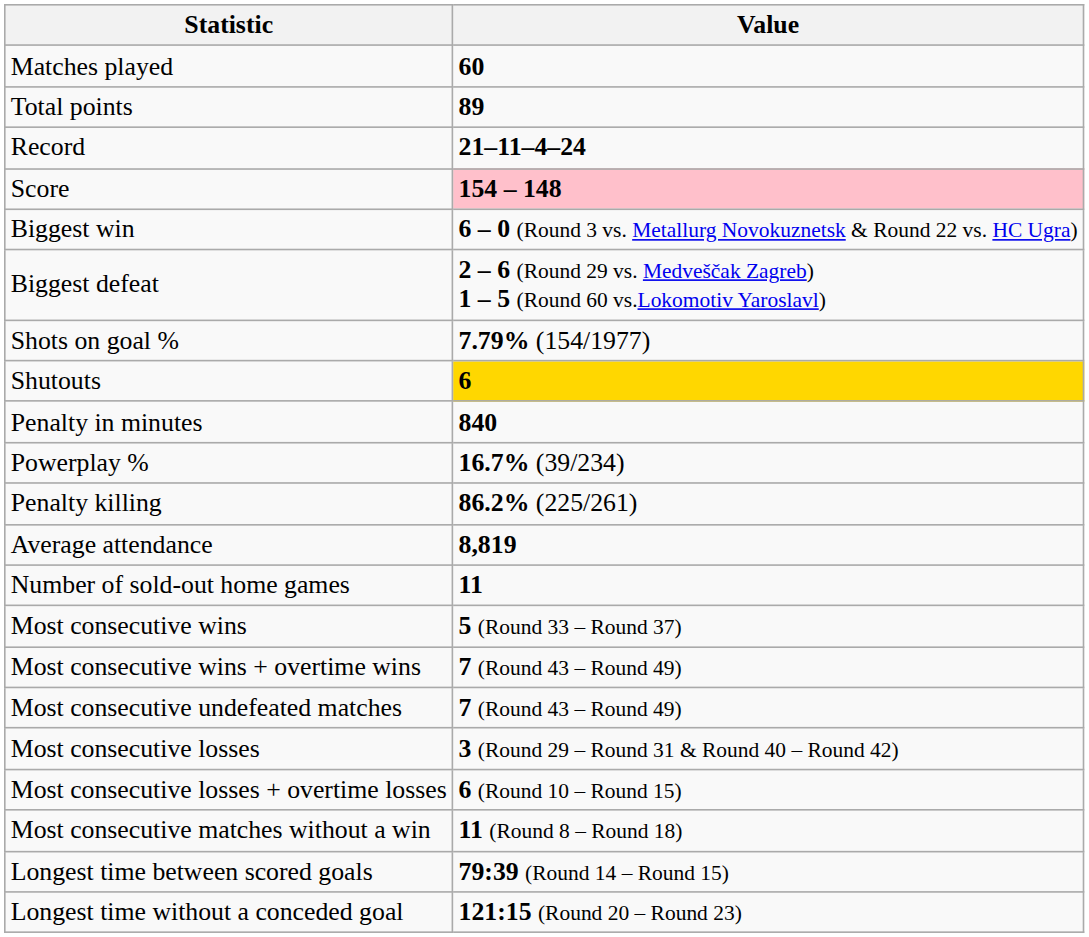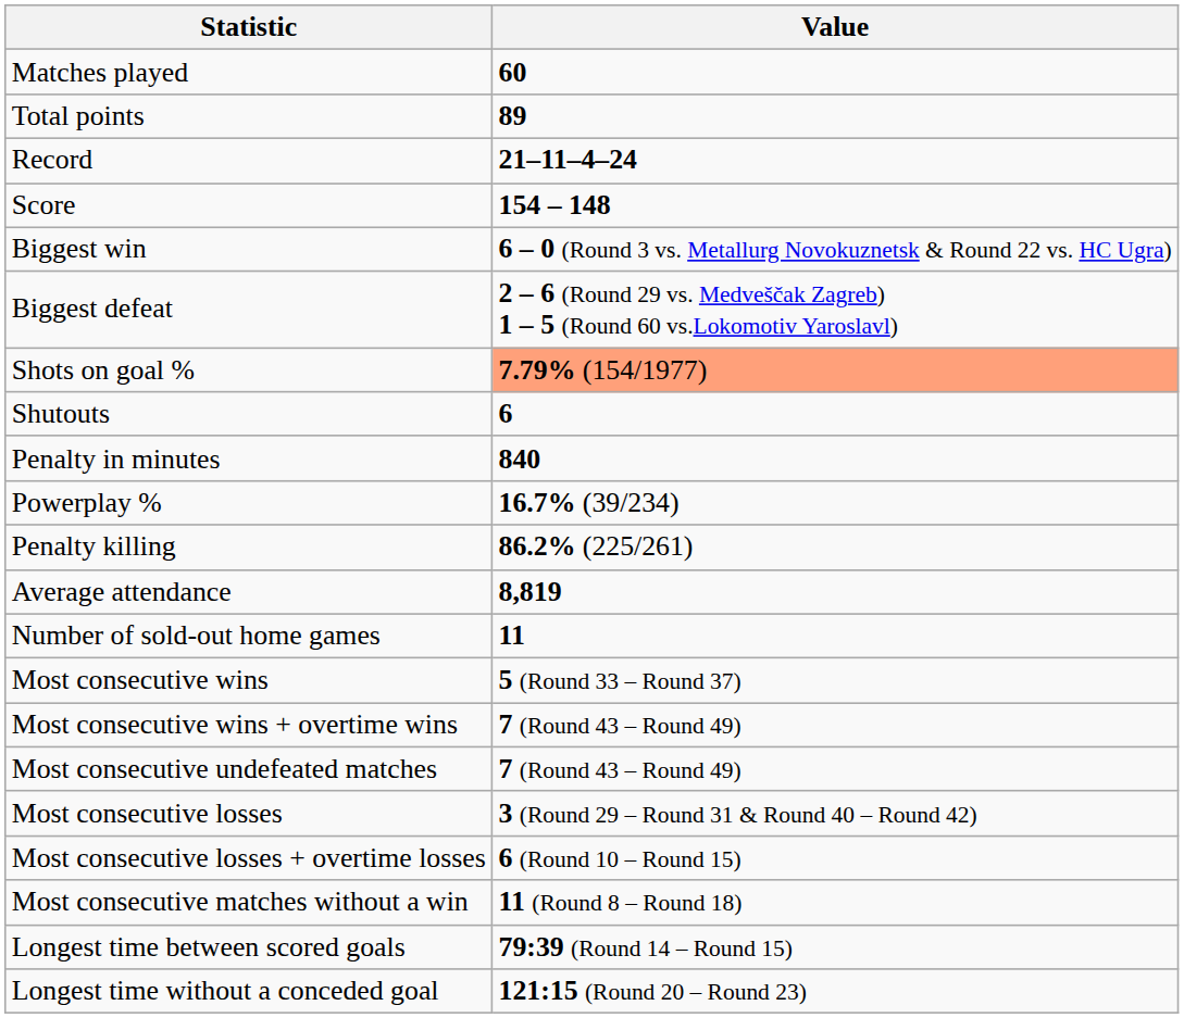 <table class="wikitable">
 <tr>
 <th>Statistic</th>
 <th>Value</th>
 </tr>
 <tr>
 <td>Matches played</td>
 <td><strong>60</strong></td>
 </tr>
 <tr>
 <td>Total points</td>
 <td><strong>89</strong></td>
 </tr>
 <tr>
 <td>Record</td>
 <td><strong>21–11–4–24</strong></td>
 </tr>
 <tr>
 <td>Score</td>
-<td style="background: pink;"><strong>154 – 148</strong></td>
+<td><strong>154 – 148</strong></td>
 </tr>
 <tr>
 <td>Biggest win</td>
 <td><strong>6 – 0</strong> <small>(Round 3 vs. <a href='#'>Metallurg Novokuznetsk</a> & Round 22 vs. <a href='#'>HC Ugra</a>)</small></td>
 </tr>
 <tr>
 <td>Biggest defeat</td>
 <td><strong>2 – 6</strong> <small>(Round 29 vs. <a href='#'>Medveščak Zagreb</a>)</small> <br>  <strong>1 – 5</strong> <small>(Round 60 vs.<a href='#'>Lokomotiv Yaroslavl</a>)</small></td>
 </tr>
 <tr>
 <td>Shots on goal %</td>
-<td><strong>7.79%</strong> (154/1977)</td>
+<td style="background: lightsalmon;"><strong>7.79%</strong> (154/1977)</td>
 </tr>
 <tr>
 <td>Shutouts</td>
-<td style="background: gold;"><strong>6</strong></td>
+<td><strong>6</strong></td>
 </tr>
 <tr>
 <td>Penalty in minutes</td>
 <td><strong>840</strong></td>
 </tr>
 <tr>
 <td>Powerplay %</td>
 <td><strong>16.7%</strong> (39/234)</td>
 </tr>
 <tr>
 <td>Penalty killing</td>
 <td><strong>86.2%</strong> (225/261)</td>
 </tr>
 <tr>
 <td>Average attendance</td>
 <td><strong>8,819</strong></td>
 </tr>
 <tr>
 <td>Number of sold-out home games</td>
 <td><strong>11</strong></td>
 </tr>
 <tr>
 <td>Most consecutive wins</td>
 <td><strong>5</strong> <small>(Round 33 – Round 37)</small></td>
 </tr>
 <tr>
 <td>Most consecutive wins + overtime wins</td>
 <td><strong>7</strong> <small>(Round 43 – Round 49)</small></td>
 </tr>
 <tr>
 <td>Most consecutive undefeated matches</td>
 <td><strong>7</strong> <small>(Round 43 – Round 49)</small></td>
 </tr>
 <tr>
 <td>Most consecutive losses </td>
 <td><strong>3</strong> <small>(Round 29 – Round 31 & Round 40 – Round 42)</small></td>
 </tr>
 <tr>
 <td>Most consecutive losses + overtime losses</td>
 <td><strong>6</strong> <small>(Round 10 – Round 15)</small></td>
 </tr>
 <tr>
 <td>Most consecutive matches without a win</td>
 <td><strong>11</strong> <small>(Round 8 – Round 18)</small></td>
 </tr>
 <tr>
 <td>Longest time between scored goals</td>
 <td><strong>79:39</strong> <small>(Round 14 – Round 15)</small></td>
 </tr>
 <tr>
 <td>Longest time without a conceded goal</td>
 <td><strong>121:15</strong> <small>(Round 20 – Round 23)</small></td>
 </tr>
 </table>
